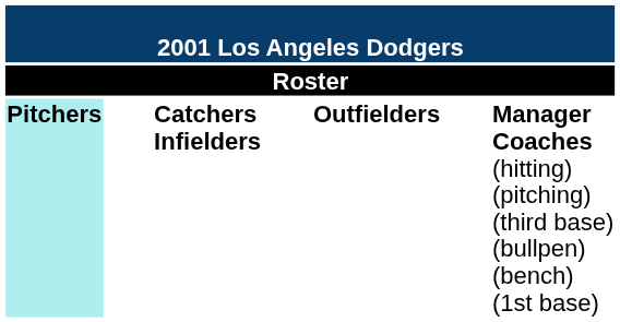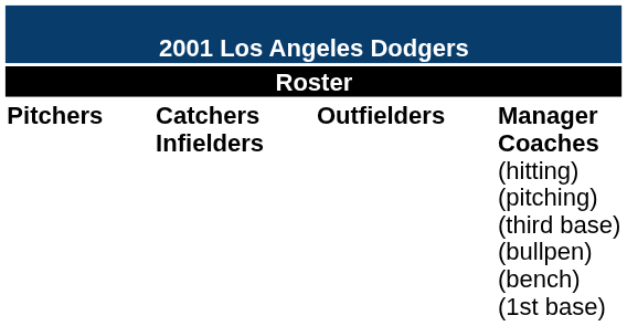 <table class="toccolours" style="font-size: 95%;">
 <tr>
 <th colspan="10" style="background-color: #083c6b; color: #FFFFFF; text-align: center;"><br>2001 Los Angeles Dodgers</th>
 </tr>
 <tr>
 <td colspan="10" style="background-color: black; color: #FFFFFF; text-align: center;"><strong>Roster</strong></td>
 </tr>
 <tr>
-<td valign="top" style="background: paleturquoise;"><strong>Pitchers</strong><br>                                 </td>
+<td valign="top"><strong>Pitchers</strong><br>                                 </td>
 <td width="25px"></td>
 <td valign="top"><strong>Catchers</strong><br>    <strong>Infielders</strong>           </td>
 <td width="25px"></td>
 <td valign="top"><strong>Outfielders</strong><br>     </td>
 <td width="25px"></td>
 <td valign="top"><strong>Manager</strong><br> <strong>Coaches</strong>  <br>(hitting) <br> (pitching)  <br> (third base)  <br>(bullpen)    <br>(bench)  <br>(1st base)</td>
 </tr>
 </table>
